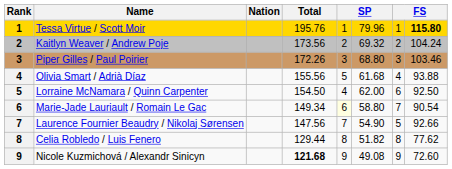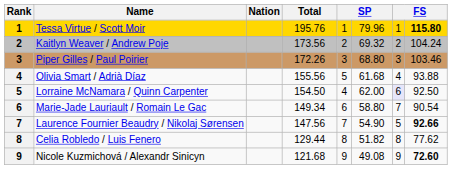 <table class="wikitable sortable">
 <tr>
 <th>Rank</th>
 <th>Name</th>
 <th>Nation</th>
 <th width="80px">Total</th>
 <th colspan="2" width="80px"><a href='#'>SP</a></th>
 <th colspan="2" width="80px"><a href='#'>FS</a></th>
 </tr>
 <tr bgcolor="gold">
 <td align="center"><strong>1</strong></td>
 <td><a href='#'>Tessa Virtue</a> / <a href='#'>Scott Moir</a></td>
 <td></td>
 <td align="center">195.76</td>
 <td align="center">1</td>
 <td align="center">79.96</td>
 <td align="center">1</td>
 <td align="center"><strong>115.80</strong></td>
 </tr>
 <tr bgcolor="silver">
 <td align="center"><strong>2</strong></td>
 <td><a href='#'>Kaitlyn Weaver</a> / <a href='#'>Andrew Poje</a></td>
 <td></td>
 <td align="center">173.56</td>
 <td align="center">2</td>
 <td align="center">69.32</td>
 <td align="center">2</td>
 <td align="center">104.24</td>
 </tr>
 <tr bgcolor="cc9966">
 <td align="center"><strong>3</strong></td>
 <td><a href='#'>Piper Gilles</a> / <a href='#'>Paul Poirier</a></td>
 <td></td>
 <td align="center">172.26</td>
 <td align="center">3</td>
 <td align="center">68.80</td>
 <td align="center">3</td>
 <td align="center">103.46</td>
 </tr>
 <tr>
 <th>4</th>
 <td><a href='#'>Olivia Smart</a> / <a href='#'>Adrià Díaz</a></td>
 <td></td>
 <td align="center">155.56</td>
 <td align="center">5</td>
 <td align="center">61.68</td>
 <td align="center">4</td>
 <td align="center">93.88</td>
 </tr>
 <tr>
 <th>5</th>
 <td><a href='#'>Lorraine McNamara</a> / <a href='#'>Quinn Carpenter</a></td>
 <td></td>
 <td align="center">154.50</td>
 <td align="center">4</td>
 <td align="center">62.00</td>
-<td align="center">6</td>
+<td align="center" style="background: lavender;">6</td>
 <td align="center">92.50</td>
 </tr>
 <tr>
 <th>6</th>
 <td><a href='#'>Marie-Jade Lauriault</a> / <a href='#'>Romain Le Gac</a></td>
 <td></td>
 <td align="center">149.34</td>
-<td align="center" style="background: lightyellow;">6</td>
+<td align="center">6</td>
 <td align="center">58.80</td>
 <td align="center">7</td>
 <td align="center">90.54</td>
 </tr>
 <tr>
 <th>7</th>
 <td><a href='#'>Laurence Fournier Beaudry</a> / <a href='#'>Nikolaj Sørensen</a></td>
 <td></td>
 <td align="center">147.56</td>
 <td align="center">7</td>
 <td align="center">54.90</td>
 <td align="center">5</td>
-<td align="center">92.66</td>
+<td align="center"><strong>92.66</strong></td>
 </tr>
 <tr>
 <th>8</th>
 <td><a href='#'>Celia Robledo</a> / <a href='#'>Luis Fenero</a></td>
 <td></td>
 <td align="center">129.44</td>
 <td align="center">8</td>
 <td align="center">51.82</td>
 <td align="center">8</td>
 <td align="center">77.62</td>
 </tr>
 <tr>
 <th>9</th>
 <td>Nicole Kuzmichová / Alexandr Sinicyn</td>
 <td></td>
-<td align="center"><strong>121.68</strong></td>
+<td align="center">121.68</td>
 <td align="center">9</td>
 <td align="center">49.08</td>
 <td align="center">9</td>
-<td align="center">72.60</td>
+<td align="center"><strong>72.60</strong></td>
 </tr>
 </table>
